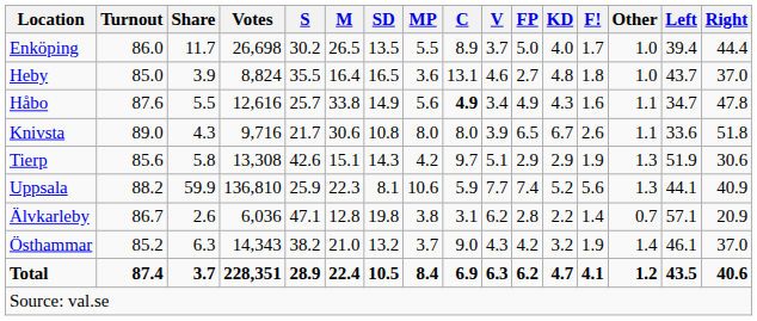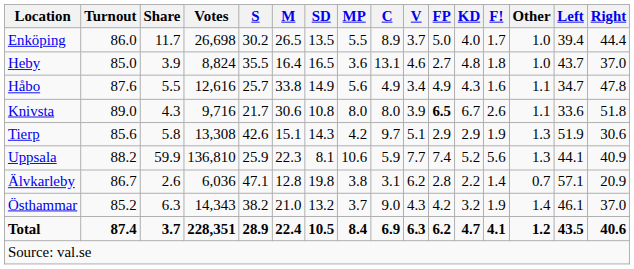 <table class="wikitable sortable" style=text-align:right>
 <tr>
 <th>Location</th>
 <th>Turnout</th>
 <th>Share</th>
 <th>Votes</th>
 <th><a href='#'>S</a></th>
 <th><a href='#'>M</a></th>
 <th><a href='#'>SD</a></th>
 <th><a href='#'>MP</a></th>
 <th><a href='#'>C</a></th>
 <th><a href='#'>V</a></th>
 <th><a href='#'>FP</a></th>
 <th><a href='#'>KD</a></th>
 <th><a href='#'>F!</a></th>
 <th>Other</th>
 <th><a href='#'>Left</a></th>
 <th><a href='#'>Right</a></th>
 </tr>
 <tr>
 <td align=left><a href='#'>Enköping</a></td>
 <td>86.0</td>
 <td>11.7</td>
 <td>26,698</td>
 <td>30.2</td>
 <td>26.5</td>
 <td>13.5</td>
 <td>5.5</td>
 <td>8.9</td>
 <td>3.7</td>
 <td>5.0</td>
 <td>4.0</td>
 <td>1.7</td>
 <td>1.0</td>
 <td>39.4</td>
 <td>44.4</td>
 </tr>
 <tr>
 <td align=left><a href='#'>Heby</a></td>
 <td>85.0</td>
 <td>3.9</td>
 <td>8,824</td>
 <td>35.5</td>
 <td>16.4</td>
 <td>16.5</td>
 <td>3.6</td>
 <td>13.1</td>
 <td>4.6</td>
 <td>2.7</td>
 <td>4.8</td>
 <td>1.8</td>
 <td>1.0</td>
 <td>43.7</td>
 <td>37.0</td>
 </tr>
 <tr>
 <td align=left><a href='#'>Håbo</a></td>
 <td>87.6</td>
 <td>5.5</td>
 <td>12,616</td>
 <td>25.7</td>
 <td>33.8</td>
 <td>14.9</td>
 <td>5.6</td>
-<td><strong>4.9</strong></td>
+<td>4.9</td>
 <td>3.4</td>
 <td>4.9</td>
 <td>4.3</td>
 <td>1.6</td>
 <td>1.1</td>
 <td>34.7</td>
 <td>47.8</td>
 </tr>
 <tr>
 <td align=left><a href='#'>Knivsta</a></td>
 <td>89.0</td>
 <td>4.3</td>
 <td>9,716</td>
 <td>21.7</td>
 <td>30.6</td>
 <td>10.8</td>
 <td>8.0</td>
 <td>8.0</td>
 <td>3.9</td>
-<td>6.5</td>
+<td><strong>6.5</strong></td>
 <td>6.7</td>
 <td>2.6</td>
 <td>1.1</td>
 <td>33.6</td>
 <td>51.8</td>
 </tr>
 <tr>
 <td align=left><a href='#'>Tierp</a></td>
 <td>85.6</td>
 <td>5.8</td>
 <td>13,308</td>
 <td>42.6</td>
 <td>15.1</td>
 <td>14.3</td>
 <td>4.2</td>
 <td>9.7</td>
 <td>5.1</td>
 <td>2.9</td>
 <td>2.9</td>
 <td>1.9</td>
 <td>1.3</td>
 <td>51.9</td>
 <td>30.6</td>
 </tr>
 <tr>
 <td align=left><a href='#'>Uppsala</a></td>
 <td>88.2</td>
 <td>59.9</td>
 <td>136,810</td>
 <td>25.9</td>
 <td>22.3</td>
 <td>8.1</td>
 <td>10.6</td>
 <td>5.9</td>
 <td>7.7</td>
 <td>7.4</td>
 <td>5.2</td>
 <td>5.6</td>
 <td>1.3</td>
 <td>44.1</td>
 <td>40.9</td>
 </tr>
 <tr>
 <td align=left><a href='#'>Älvkarleby</a></td>
 <td>86.7</td>
 <td>2.6</td>
 <td>6,036</td>
 <td>47.1</td>
 <td>12.8</td>
 <td>19.8</td>
 <td>3.8</td>
 <td>3.1</td>
 <td>6.2</td>
 <td>2.8</td>
 <td>2.2</td>
 <td>1.4</td>
 <td>0.7</td>
 <td>57.1</td>
 <td>20.9</td>
 </tr>
 <tr>
 <td align=left><a href='#'>Östhammar</a></td>
 <td>85.2</td>
 <td>6.3</td>
 <td>14,343</td>
 <td>38.2</td>
 <td>21.0</td>
 <td>13.2</td>
 <td>3.7</td>
 <td>9.0</td>
 <td>4.3</td>
 <td>4.2</td>
 <td>3.2</td>
 <td>1.9</td>
 <td>1.4</td>
 <td>46.1</td>
 <td>37.0</td>
 </tr>
 <tr>
 <td align=left><strong>Total</strong></td>
 <td><strong>87.4</strong></td>
 <td><strong>3.7</strong></td>
 <td><strong>228,351</strong></td>
 <td><strong>28.9</strong></td>
 <td><strong>22.4</strong></td>
 <td><strong>10.5</strong></td>
 <td><strong>8.4</strong></td>
 <td><strong>6.9</strong></td>
 <td><strong>6.3</strong></td>
 <td><strong>6.2</strong></td>
 <td><strong>4.7</strong></td>
 <td><strong>4.1</strong></td>
 <td><strong>1.2</strong></td>
 <td><strong>43.5</strong></td>
 <td><strong>40.6</strong></td>
 </tr>
 <tr>
 <td align=left colspan=16>Source: val.se </td>
 </tr>
 </table>
